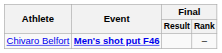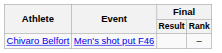 <table class=wikitable style=font-size:90%;text-align:center>
 <tr>
 <th rowspan=2>Athlete</th>
 <th rowspan=2>Event</th>
 <th colspan=2>Final</th>
 </tr>
 <tr style=font-size:90%>
 <th>Result</th>
 <th>Rank</th>
 </tr>
 <tr align=center>
 <td align=left><a href='#'>Chivaro Belfort</a></td>
-<td align=left><strong><a href='#'>Men's shot put F46</a></strong></td>
+<td align=left><a href='#'>Men's shot put F46</a></td>
 <td></td>
 <td>–</td>
 </tr>
 </table>
